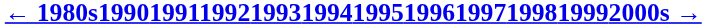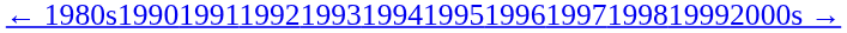 <table id=toc class=toc summary=Contents>
 <tr>
 <th></th>
 </tr>
 <tr>
-<td align=center><strong><a href='#'>← 1980s</a><a href='#'>1990</a><a href='#'>1991</a><a href='#'>1992</a><a href='#'>1993</a><a href='#'>1994</a><a href='#'>1995</a><a href='#'>1996</a><a href='#'>1997</a><a href='#'>1998</a><a href='#'>1999</a><a href='#'>2000s →</a></strong></td>
+<td align=center><a href='#'>← 1980s</a><a href='#'>1990</a><a href='#'>1991</a><a href='#'>1992</a><a href='#'>1993</a><a href='#'>1994</a><a href='#'>1995</a><a href='#'>1996</a><a href='#'>1997</a><a href='#'>1998</a><a href='#'>1999</a><a href='#'>2000s →</a></td>
 </tr>
 </table>
